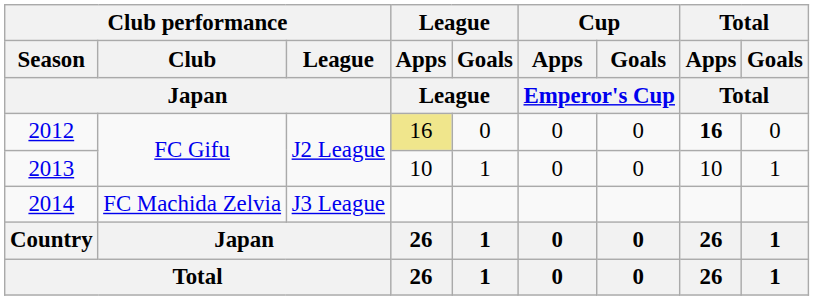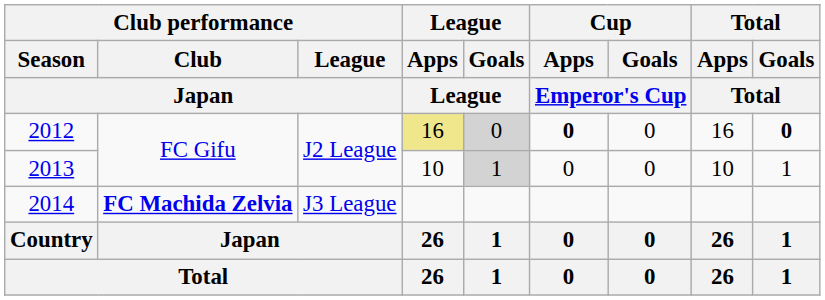 <table class="wikitable" style="text-align:center;">
 <tr>
 <th colspan=3>Club performance</th>
 <th colspan=2>League</th>
 <th colspan=2>Cup</th>
 <th colspan=2>Total</th>
 </tr>
 <tr>
 <th>Season</th>
 <th>Club</th>
 <th>League</th>
 <th>Apps</th>
 <th>Goals</th>
 <th>Apps</th>
 <th>Goals</th>
 <th>Apps</th>
 <th>Goals</th>
 </tr>
 <tr>
 <th colspan=3>Japan</th>
 <th colspan=2>League</th>
 <th colspan=2><a href='#'>Emperor's Cup</a></th>
 <th colspan=2>Total</th>
 </tr>
 <tr>
 <td><a href='#'>2012</a></td>
 <td rowspan=2><a href='#'>FC Gifu</a></td>
 <td rowspan=2><a href='#'>J2 League</a></td>
 <td style="background: khaki;">16</td>
+<td style="background: lightgrey;">0</td>
+<td><strong>0</strong></td>
 <td>0</td>
-<td>0</td>
-<td>0</td>
-<td><strong>16</strong></td>
-<td>0</td>
+<td>16</td>
+<td><strong>0</strong></td>
 </tr>
 <tr>
 <td><a href='#'>2013</a></td>
 <td>10</td>
-<td>1</td>
+<td style="background: lightgrey;">1</td>
 <td>0</td>
 <td>0</td>
 <td>10</td>
 <td>1</td>
 </tr>
 <tr>
 <td><a href='#'>2014</a></td>
-<td><a href='#'>FC Machida Zelvia</a></td>
+<td><strong><a href='#'>FC Machida Zelvia</a></strong></td>
 <td><a href='#'>J3 League</a></td>
 <td></td>
 <td></td>
 <td></td>
 <td></td>
 <td></td>
 <td></td>
 </tr>
 <tr>
 <th rowspan=1>Country</th>
 <th colspan=2>Japan</th>
 <th>26</th>
 <th>1</th>
 <th>0</th>
 <th>0</th>
 <th>26</th>
 <th>1</th>
 </tr>
 <tr>
 <th colspan=3>Total</th>
 <th>26</th>
 <th>1</th>
 <th>0</th>
 <th>0</th>
 <th>26</th>
 <th>1</th>
 </tr>
 </table>
